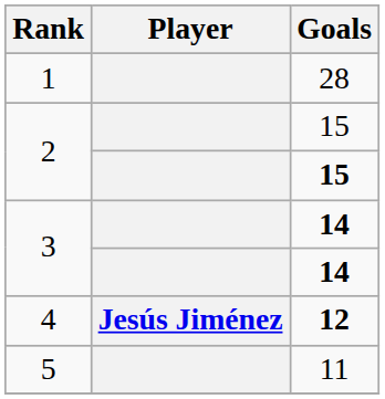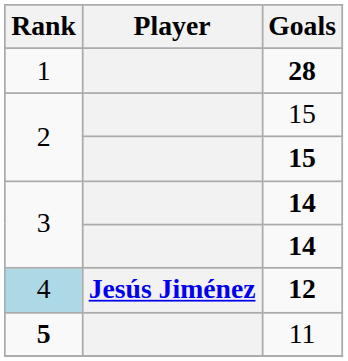 <table class="wikitable plainrowheaders sortable" style="text-align: center;">
 <tr>
 <th scope="col">Rank</th>
 <th scope="col">Player</th>
 <th scope="col">Goals</th>
 </tr>
 <tr>
 <td>1</td>
 <th scope="row" style="text-align:left;"> </th>
-<td>28</td>
+<td><strong>28</strong></td>
 </tr>
 <tr>
 <td rowspan="2">2</td>
 <th scope=row style="text-align:left;"> </th>
 <td>15</td>
 </tr>
 <tr>
 <th scope="row" style="text-align:left;"><br> <strong></strong></th>
 <td><strong>15</strong></td>
 </tr>
 <tr>
 <td rowspan="2">3</td>
 <th scope="row" style="text-align:left;"> <strong></strong></th>
 <td><strong>14</strong></td>
 </tr>
 <tr>
 <th scope="row" style="text-align:left;"> <strong></strong></th>
 <td><strong>14</strong></td>
 </tr>
 <tr>
-<td>4</td>
+<td style="background: lightblue;">4</td>
 <th scope="row" style="text-align:left;"> <strong><a href='#'>Jesús Jiménez</a></strong></th>
 <td><strong>12</strong></td>
 </tr>
 <tr>
-<td>5</td>
+<td><strong>5</strong></td>
 <th scope="row" style="text-align:left;"> </th>
 <td>11</td>
 </tr>
 <tr>
 </tr>
 </table>
